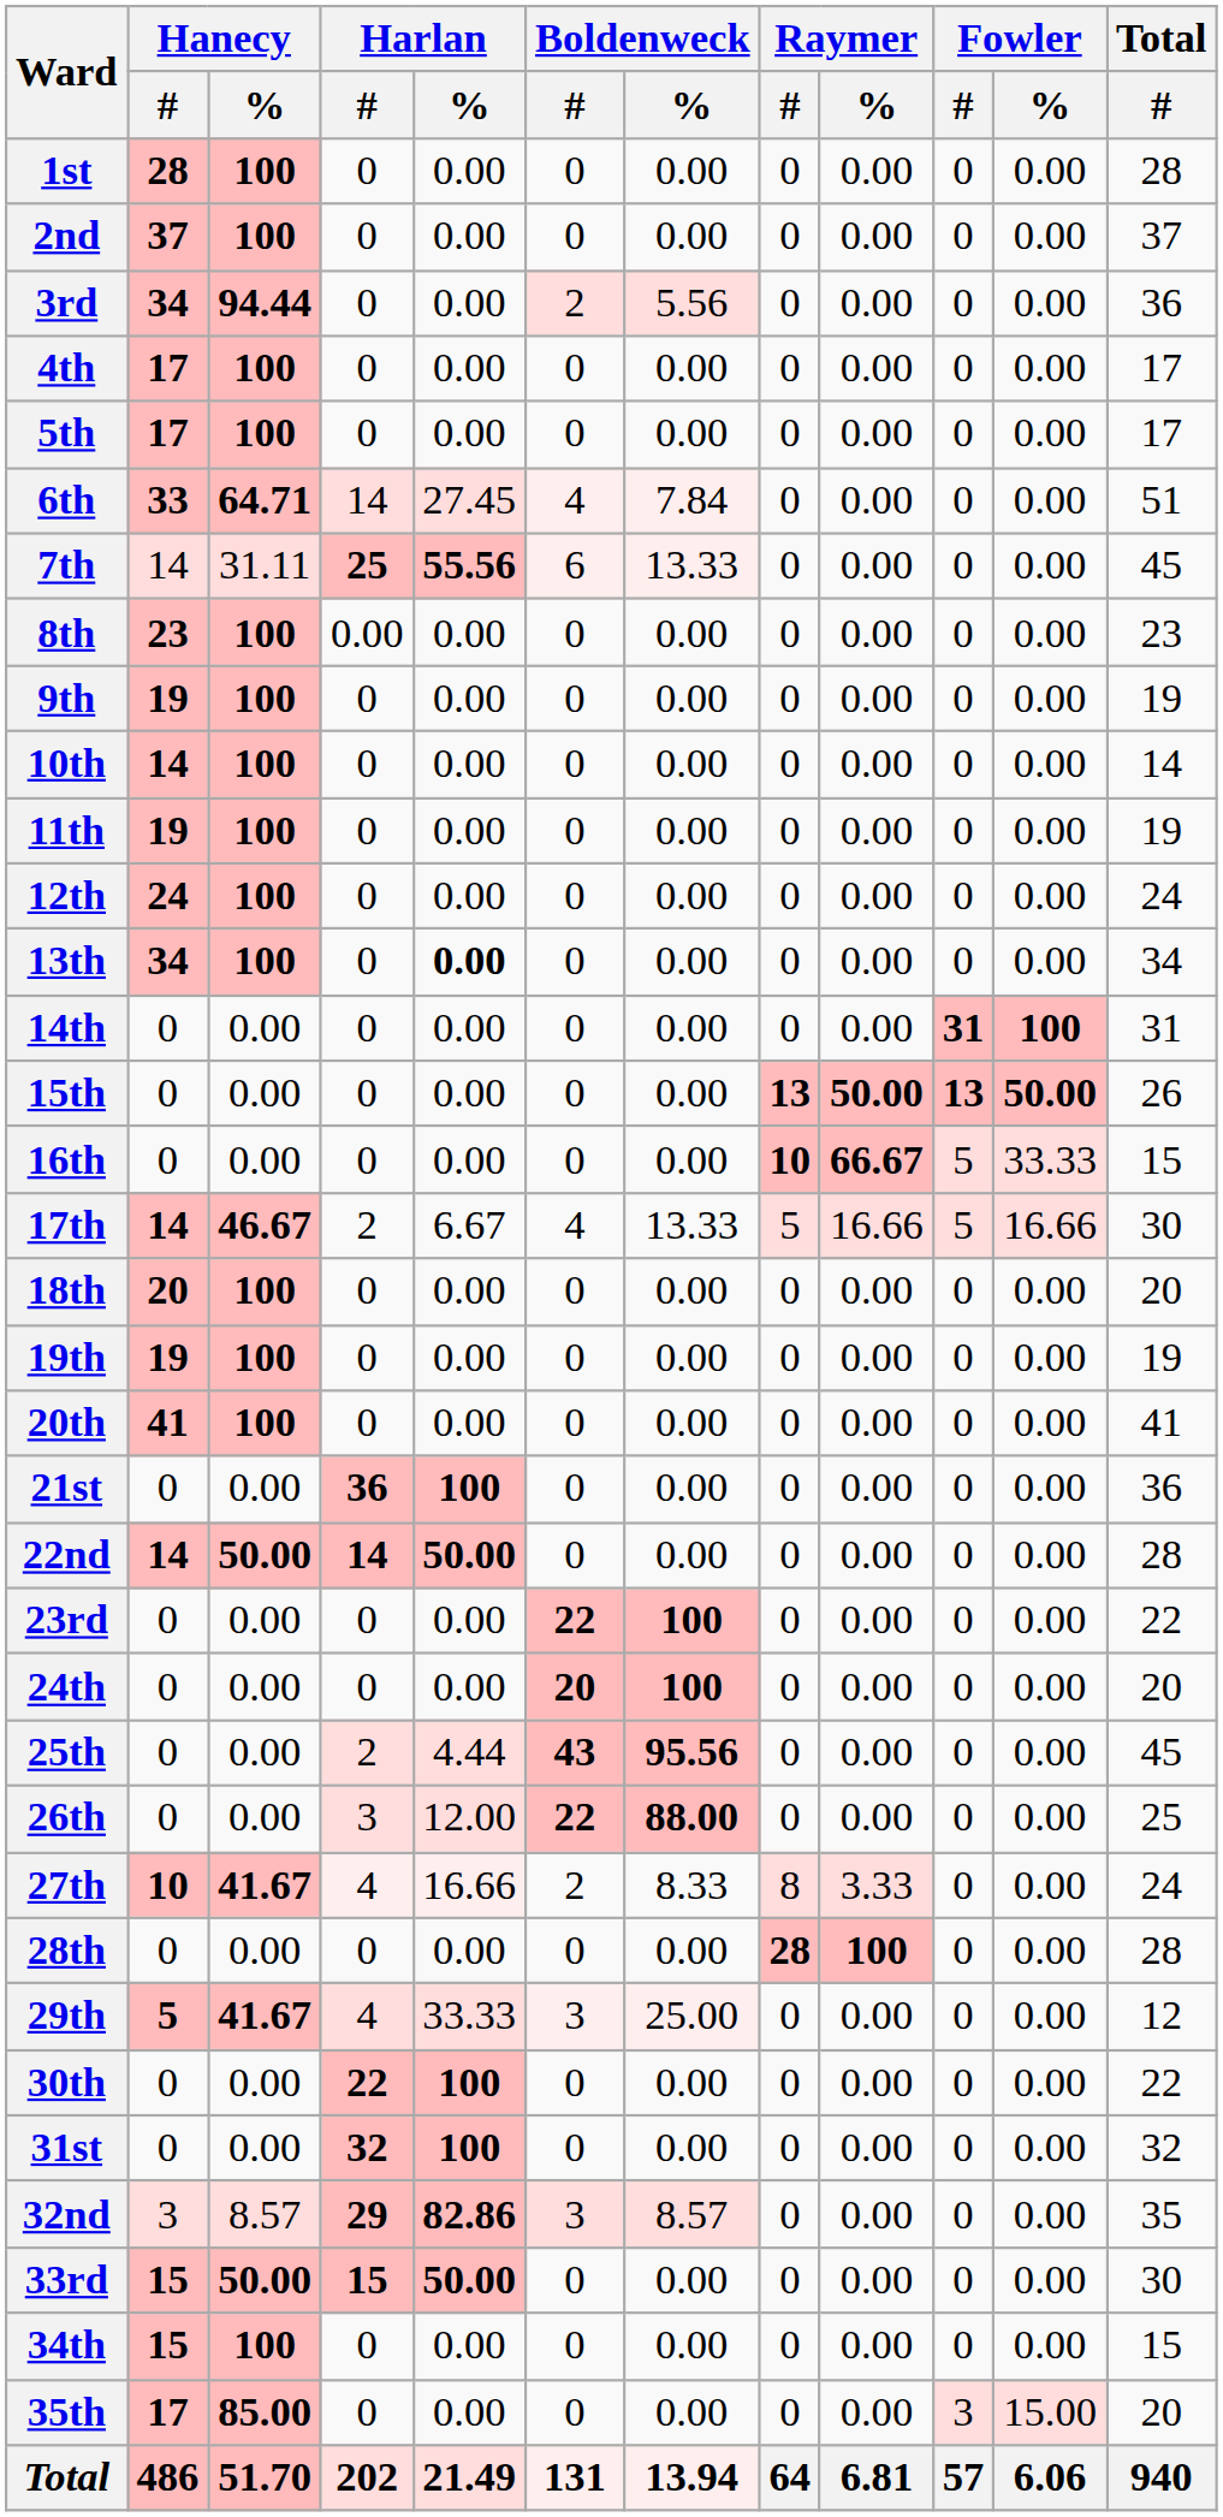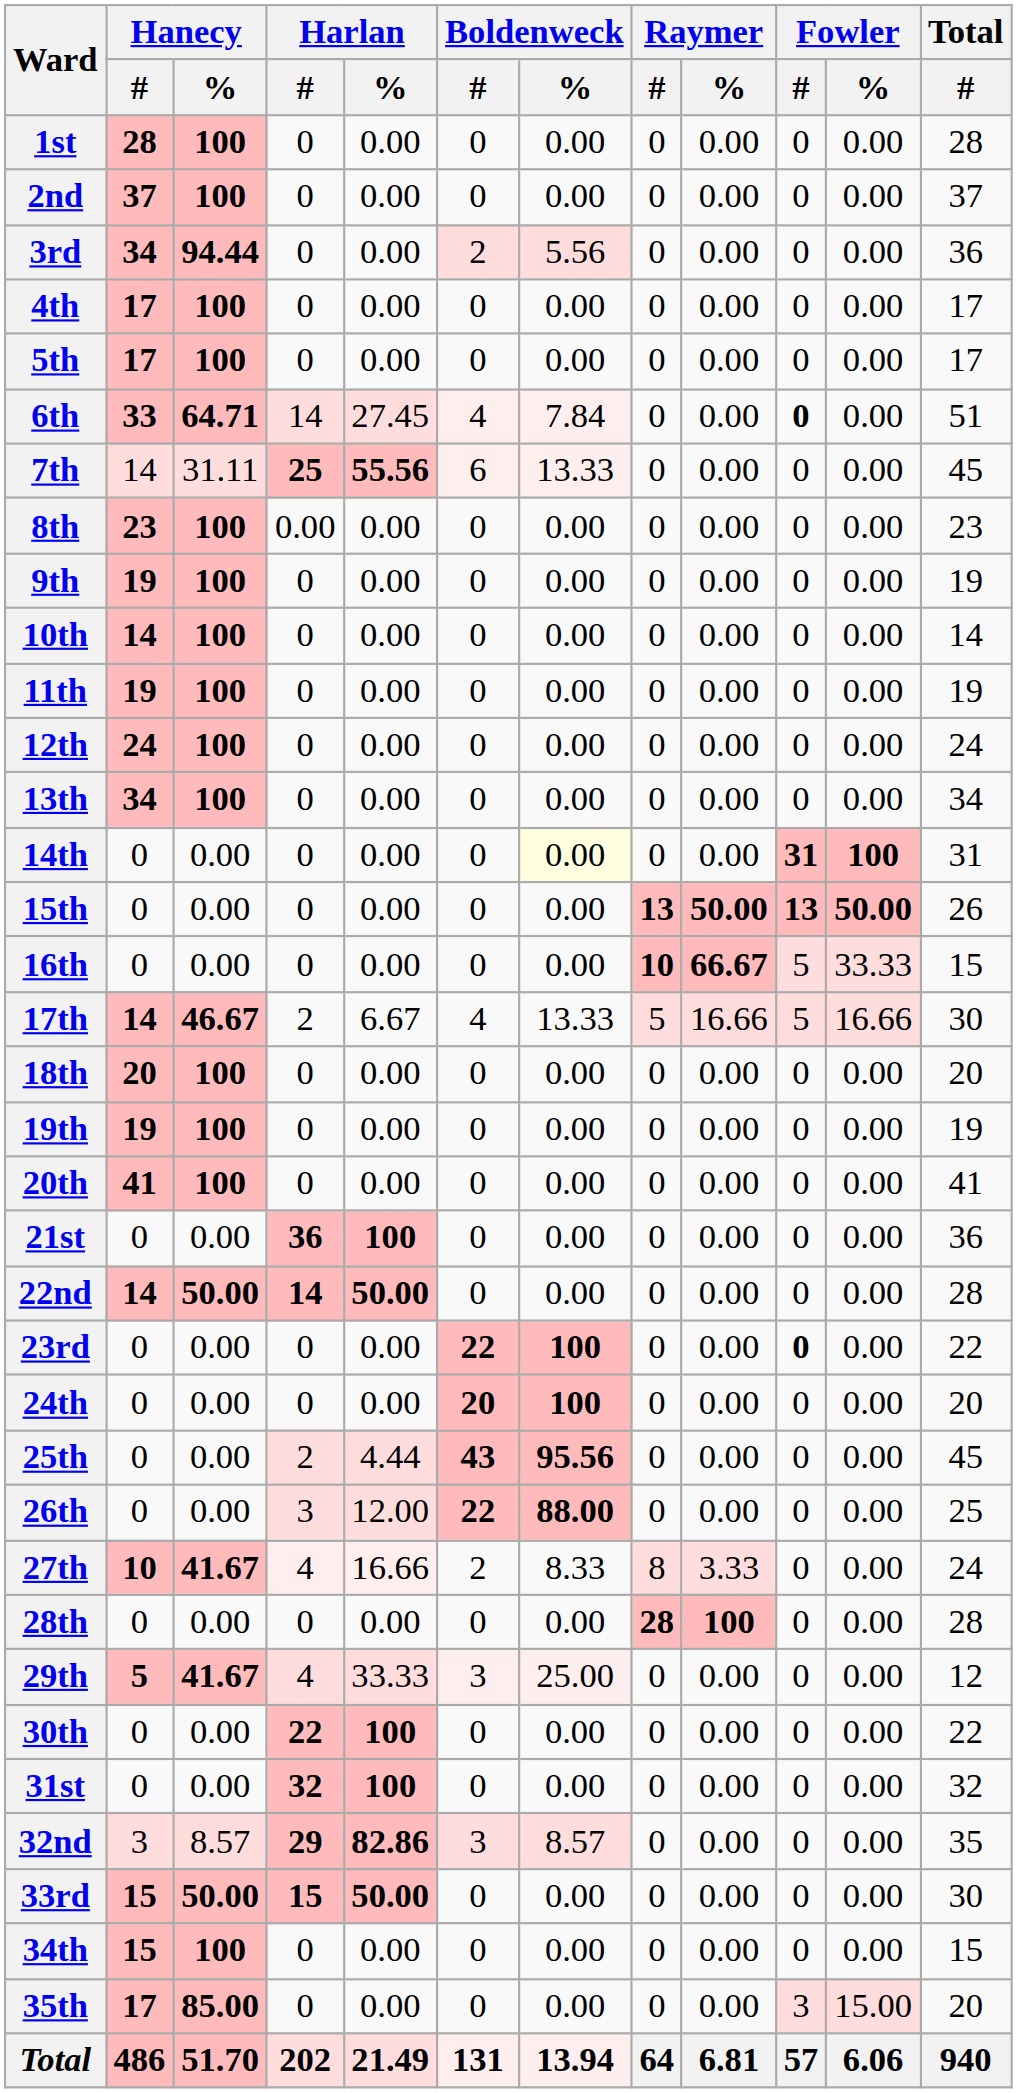 <table class="wikitable mw-collapsible mw-collapsed" style="text-align: center">
 <tr>
 <th rowspan=2>Ward</th>
 <th colspan=2><a href='#'>Hanecy</a></th>
 <th colspan=2><a href='#'>Harlan</a></th>
 <th colspan=2><a href='#'>Boldenweck</a></th>
 <th colspan=2><a href='#'>Raymer</a></th>
 <th colspan=2><a href='#'>Fowler</a></th>
 <th>Total</th>
 </tr>
 <tr>
 <th>#</th>
 <th>%</th>
 <th>#</th>
 <th>%</th>
 <th>#</th>
 <th>%</th>
 <th>#</th>
 <th>%</th>
 <th>#</th>
 <th>%</th>
 <th>#</th>
 </tr>
 <tr>
 <th><a href='#'>1st</a></th>
 <td style="background:#fbb;"><strong>28</strong></td>
 <td style="background:#fbb;"><strong>100</strong></td>
 <td>0</td>
 <td>0.00</td>
 <td>0</td>
 <td>0.00</td>
 <td>0</td>
 <td>0.00</td>
 <td>0</td>
 <td>0.00</td>
 <td>28</td>
 </tr>
 <tr>
 <th><a href='#'>2nd</a></th>
 <td style="background:#fbb;"><strong>37</strong></td>
 <td style="background:#fbb;"><strong>100</strong></td>
 <td>0</td>
 <td>0.00</td>
 <td>0</td>
 <td>0.00</td>
 <td>0</td>
 <td>0.00</td>
 <td>0</td>
 <td>0.00</td>
 <td>37</td>
 </tr>
 <tr>
 <th><a href='#'>3rd</a></th>
 <td style="background:#fbb;"><strong>34</strong></td>
 <td style="background:#fbb;"><strong>94.44</strong></td>
 <td>0</td>
 <td>0.00</td>
 <td style="background:#fdd;">2</td>
 <td style="background:#fdd;">5.56</td>
 <td>0</td>
 <td>0.00</td>
 <td>0</td>
 <td>0.00</td>
 <td>36</td>
 </tr>
 <tr>
 <th><a href='#'>4th</a></th>
 <td style="background:#fbb;"><strong>17</strong></td>
 <td style="background:#fbb;"><strong>100</strong></td>
 <td>0</td>
 <td>0.00</td>
 <td>0</td>
 <td>0.00</td>
 <td>0</td>
 <td>0.00</td>
 <td>0</td>
 <td>0.00</td>
 <td>17</td>
 </tr>
 <tr>
 <th><a href='#'>5th</a></th>
 <td style="background:#fbb;"><strong>17</strong></td>
 <td style="background:#fbb;"><strong>100</strong></td>
 <td>0</td>
 <td>0.00</td>
 <td>0</td>
 <td>0.00</td>
 <td>0</td>
 <td>0.00</td>
 <td>0</td>
 <td>0.00</td>
 <td>17</td>
 </tr>
 <tr>
 <th><a href='#'>6th</a></th>
 <td style="background:#fbb;"><strong>33</strong></td>
 <td style="background:#fbb;"><strong>64.71</strong></td>
 <td style="background:#fdd;">14</td>
 <td style="background:#fdd;">27.45</td>
 <td style="background:#fee;">4</td>
 <td style="background:#fee;">7.84</td>
 <td>0</td>
 <td>0.00</td>
-<td>0</td>
+<td><strong>0</strong></td>
 <td>0.00</td>
 <td>51</td>
 </tr>
 <tr>
 <th><a href='#'>7th</a></th>
 <td style="background:#fdd;">14</td>
 <td style="background:#fdd;">31.11</td>
 <td style="background:#fbb;"><strong>25</strong></td>
 <td style="background:#fbb;"><strong>55.56</strong></td>
 <td style="background:#fee;">6</td>
 <td style="background:#fee;">13.33</td>
 <td>0</td>
 <td>0.00</td>
 <td>0</td>
 <td>0.00</td>
 <td>45</td>
 </tr>
 <tr>
 <th><a href='#'>8th</a></th>
 <td style="background:#fbb;"><strong>23</strong></td>
 <td style="background:#fbb;"><strong>100</strong></td>
 <td>0.00</td>
 <td>0.00</td>
 <td>0</td>
 <td>0.00</td>
 <td>0</td>
 <td>0.00</td>
 <td>0</td>
 <td>0.00</td>
 <td>23</td>
 </tr>
 <tr>
 <th><a href='#'>9th</a></th>
 <td style="background:#fbb;"><strong>19</strong></td>
 <td style="background:#fbb;"><strong>100</strong></td>
 <td>0</td>
 <td>0.00</td>
 <td>0</td>
 <td>0.00</td>
 <td>0</td>
 <td>0.00</td>
 <td>0</td>
 <td>0.00</td>
 <td>19</td>
 </tr>
 <tr>
 <th><a href='#'>10th</a></th>
 <td style="background:#fbb;"><strong>14</strong></td>
 <td style="background:#fbb;"><strong>100</strong></td>
 <td>0</td>
 <td>0.00</td>
 <td>0</td>
 <td>0.00</td>
 <td>0</td>
 <td>0.00</td>
 <td>0</td>
 <td>0.00</td>
 <td>14</td>
 </tr>
 <tr>
 <th><a href='#'>11th</a></th>
 <td style="background:#fbb;"><strong>19</strong></td>
 <td style="background:#fbb;"><strong>100</strong></td>
 <td>0</td>
 <td>0.00</td>
 <td>0</td>
 <td>0.00</td>
 <td>0</td>
 <td>0.00</td>
 <td>0</td>
 <td>0.00</td>
 <td>19</td>
 </tr>
 <tr>
 <th><a href='#'>12th</a></th>
 <td style="background:#fbb;"><strong>24</strong></td>
 <td style="background:#fbb;"><strong>100</strong></td>
 <td>0</td>
 <td>0.00</td>
 <td>0</td>
 <td>0.00</td>
 <td>0</td>
 <td>0.00</td>
 <td>0</td>
 <td>0.00</td>
 <td>24</td>
 </tr>
 <tr>
 <th><a href='#'>13th</a></th>
 <td style="background:#fbb;"><strong>34</strong></td>
 <td style="background:#fbb;"><strong>100</strong></td>
 <td>0</td>
-<td><strong>0.00</strong></td>
+<td>0.00</td>
 <td>0</td>
 <td>0.00</td>
 <td>0</td>
 <td>0.00</td>
 <td>0</td>
 <td>0.00</td>
 <td>34</td>
 </tr>
 <tr>
 <th><a href='#'>14th</a></th>
 <td>0</td>
 <td>0.00</td>
 <td>0</td>
 <td>0.00</td>
 <td>0</td>
-<td>0.00</td>
+<td style="background: lightyellow;">0.00</td>
 <td>0</td>
 <td>0.00</td>
 <td style="background:#fbb;"><strong>31</strong></td>
 <td style="background:#fbb;"><strong>100</strong></td>
 <td>31</td>
 </tr>
 <tr>
 <th><a href='#'>15th</a></th>
 <td>0</td>
 <td>0.00</td>
 <td>0</td>
 <td>0.00</td>
 <td>0</td>
 <td>0.00</td>
 <td style="background:#fbb;"><strong>13</strong></td>
 <td style="background:#fbb;"><strong>50.00</strong></td>
 <td style="background:#fbb;"><strong>13</strong></td>
 <td style="background:#fbb;"><strong>50.00</strong></td>
 <td>26</td>
 </tr>
 <tr>
 <th><a href='#'>16th</a></th>
 <td>0</td>
 <td>0.00</td>
 <td>0</td>
 <td>0.00</td>
 <td>0</td>
 <td>0.00</td>
 <td style="background:#fbb;"><strong>10</strong></td>
 <td style="background:#fbb;"><strong>66.67</strong></td>
 <td style="background:#fdd;">5</td>
 <td style="background:#fdd;">33.33</td>
 <td>15</td>
 </tr>
 <tr>
 <th><a href='#'>17th</a></th>
 <td style="background:#fbb;"><strong>14</strong></td>
 <td style="background:#fbb;"><strong>46.67</strong></td>
 <td>2</td>
 <td>6.67</td>
 <td>4</td>
 <td>13.33</td>
 <td style="background:#fdd;">5</td>
 <td style="background:#fdd;">16.66</td>
 <td style="background:#fdd;">5</td>
 <td style="background:#fdd;">16.66</td>
 <td>30</td>
 </tr>
 <tr>
 <th><a href='#'>18th</a></th>
 <td style="background:#fbb;"><strong>20</strong></td>
 <td style="background:#fbb;"><strong>100</strong></td>
 <td>0</td>
 <td>0.00</td>
 <td>0</td>
 <td>0.00</td>
 <td>0</td>
 <td>0.00</td>
 <td>0</td>
 <td>0.00</td>
 <td>20</td>
 </tr>
 <tr>
 <th><a href='#'>19th</a></th>
 <td style="background:#fbb;"><strong>19</strong></td>
 <td style="background:#fbb;"><strong>100</strong></td>
 <td>0</td>
 <td>0.00</td>
 <td>0</td>
 <td>0.00</td>
 <td>0</td>
 <td>0.00</td>
 <td>0</td>
 <td>0.00</td>
 <td>19</td>
 </tr>
 <tr>
 <th><a href='#'>20th</a></th>
 <td style="background:#fbb;"><strong>41</strong></td>
 <td style="background:#fbb;"><strong>100</strong></td>
 <td>0</td>
 <td>0.00</td>
 <td>0</td>
 <td>0.00</td>
 <td>0</td>
 <td>0.00</td>
 <td>0</td>
 <td>0.00</td>
 <td>41</td>
 </tr>
 <tr>
 <th><a href='#'>21st</a></th>
 <td>0</td>
 <td>0.00</td>
 <td style="background:#fbb;"><strong>36</strong></td>
 <td style="background:#fbb;"><strong>100</strong></td>
 <td>0</td>
 <td>0.00</td>
 <td>0</td>
 <td>0.00</td>
 <td>0</td>
 <td>0.00</td>
 <td>36</td>
 </tr>
 <tr>
 <th><a href='#'>22nd</a></th>
 <td style="background:#fbb;"><strong>14</strong></td>
 <td style="background:#fbb;"><strong>50.00</strong></td>
 <td style="background:#fbb;"><strong>14</strong></td>
 <td style="background:#fbb;"><strong>50.00</strong></td>
 <td>0</td>
 <td>0.00</td>
 <td>0</td>
 <td>0.00</td>
 <td>0</td>
 <td>0.00</td>
 <td>28</td>
 </tr>
 <tr>
 <th><a href='#'>23rd</a></th>
 <td>0</td>
 <td>0.00</td>
 <td>0</td>
 <td>0.00</td>
 <td style="background:#fbb;"><strong>22</strong></td>
 <td style="background:#fbb;"><strong>100</strong></td>
 <td>0</td>
 <td>0.00</td>
-<td>0</td>
+<td><strong>0</strong></td>
 <td>0.00</td>
 <td>22</td>
 </tr>
 <tr>
 <th><a href='#'>24th</a></th>
 <td>0</td>
 <td>0.00</td>
 <td>0</td>
 <td>0.00</td>
 <td style="background:#fbb;"><strong>20</strong></td>
 <td style="background:#fbb;"><strong>100</strong></td>
 <td>0</td>
 <td>0.00</td>
 <td>0</td>
 <td>0.00</td>
 <td>20</td>
 </tr>
 <tr>
 <th><a href='#'>25th</a></th>
 <td>0</td>
 <td>0.00</td>
 <td style="background:#fdd;">2</td>
 <td style="background:#fdd;">4.44</td>
 <td style="background:#fbb;"><strong>43</strong></td>
 <td style="background:#fbb;"><strong>95.56</strong></td>
 <td>0</td>
 <td>0.00</td>
 <td>0</td>
 <td>0.00</td>
 <td>45</td>
 </tr>
 <tr>
 <th><a href='#'>26th</a></th>
 <td>0</td>
 <td>0.00</td>
 <td style="background:#fdd;">3</td>
 <td style="background:#fdd;">12.00</td>
 <td style="background:#fbb;"><strong>22</strong></td>
 <td style="background:#fbb;"><strong>88.00</strong></td>
 <td>0</td>
 <td>0.00</td>
 <td>0</td>
 <td>0.00</td>
 <td>25</td>
 </tr>
 <tr>
 <th><a href='#'>27th</a></th>
 <td style="background:#fbb;"><strong>10</strong></td>
 <td style="background:#fbb;"><strong>41.67</strong></td>
 <td style="background:#fee;">4</td>
 <td style="background:#fee;">16.66</td>
 <td>2</td>
 <td>8.33</td>
 <td style="background:#fdd;">8</td>
 <td style="background:#fdd;">3.33</td>
 <td>0</td>
 <td>0.00</td>
 <td>24</td>
 </tr>
 <tr>
 <th><a href='#'>28th</a></th>
 <td>0</td>
 <td>0.00</td>
 <td>0</td>
 <td>0.00</td>
 <td>0</td>
 <td>0.00</td>
 <td style="background:#fbb;"><strong>28</strong></td>
 <td style="background:#fbb;"><strong>100</strong></td>
 <td>0</td>
 <td>0.00</td>
 <td>28</td>
 </tr>
 <tr>
 <th><a href='#'>29th</a></th>
 <td style="background:#fbb;"><strong>5</strong></td>
 <td style="background:#fbb;"><strong>41.67</strong></td>
 <td style="background:#fdd;">4</td>
 <td style="background:#fdd;">33.33</td>
 <td style="background:#fee;">3</td>
 <td style="background:#fee;">25.00</td>
 <td>0</td>
 <td>0.00</td>
 <td>0</td>
 <td>0.00</td>
 <td>12</td>
 </tr>
 <tr>
 <th><a href='#'>30th</a></th>
 <td>0</td>
 <td>0.00</td>
 <td style="background:#fbb;"><strong>22</strong></td>
 <td style="background:#fbb;"><strong>100</strong></td>
 <td>0</td>
 <td>0.00</td>
 <td>0</td>
 <td>0.00</td>
 <td>0</td>
 <td>0.00</td>
 <td>22</td>
 </tr>
 <tr>
 <th><a href='#'>31st</a></th>
 <td>0</td>
 <td>0.00</td>
 <td style="background:#fbb;"><strong>32</strong></td>
 <td style="background:#fbb;"><strong>100</strong></td>
 <td>0</td>
 <td>0.00</td>
 <td>0</td>
 <td>0.00</td>
 <td>0</td>
 <td>0.00</td>
 <td>32</td>
 </tr>
 <tr>
 <th><a href='#'>32nd</a></th>
 <td style="background:#fdd;">3</td>
 <td style="background:#fdd;">8.57</td>
 <td style="background:#fbb;"><strong>29</strong></td>
 <td style="background:#fbb;"><strong>82.86</strong></td>
 <td style="background:#fdd;">3</td>
 <td style="background:#fdd;">8.57</td>
 <td>0</td>
 <td>0.00</td>
 <td>0</td>
 <td>0.00</td>
 <td>35</td>
 </tr>
 <tr>
 <th><a href='#'>33rd</a></th>
 <td style="background:#fbb;"><strong>15</strong></td>
 <td style="background:#fbb;"><strong>50.00</strong></td>
 <td style="background:#fbb;"><strong>15</strong></td>
 <td style="background:#fbb;"><strong>50.00</strong></td>
 <td>0</td>
 <td>0.00</td>
 <td>0</td>
 <td>0.00</td>
 <td>0</td>
 <td>0.00</td>
 <td>30</td>
 </tr>
 <tr>
 <th><a href='#'>34th</a></th>
 <td style="background:#fbb;"><strong>15</strong></td>
 <td style="background:#fbb;"><strong>100</strong></td>
 <td>0</td>
 <td>0.00</td>
 <td>0</td>
 <td>0.00</td>
 <td>0</td>
 <td>0.00</td>
 <td>0</td>
 <td>0.00</td>
 <td>15</td>
 </tr>
 <tr>
 <th><a href='#'>35th</a></th>
 <td style="background:#fbb;"><strong>17</strong></td>
 <td style="background:#fbb;"><strong>85.00</strong></td>
 <td>0</td>
 <td>0.00</td>
 <td>0</td>
 <td>0.00</td>
 <td>0</td>
 <td>0.00</td>
 <td style="background:#fdd;">3</td>
 <td style="background:#fdd;">15.00</td>
 <td>20</td>
 </tr>
 <tr>
 <th><em>Total</em></th>
 <th style="background:#fbb;">486</th>
 <th style="background:#fbb;">51.70</th>
 <th style="background:#fdd;">202</th>
 <th style="background:#fdd;">21.49</th>
 <th style="background:#fee;">131</th>
 <th style="background:#fee;">13.94</th>
 <th>64</th>
 <th>6.81</th>
 <th>57</th>
 <th>6.06</th>
 <th>940</th>
 </tr>
 </table>
